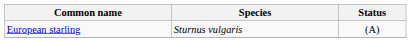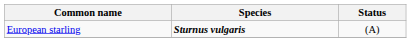 <table width=70% class="wikitable">
 <tr>
 <th width=20%>Common name</th>
 <th width=20%>Species</th>
 <th width=8%>Status</th>
 </tr>
 <tr>
 <td><a href='#'>European starling</a></td>
-<td><em>Sturnus vulgaris</em></td>
+<td><strong><em>Sturnus vulgaris</em></strong></td>
 <td align=center>(A)</td>
 </tr>
 <tr>
 </tr>
 </table>
